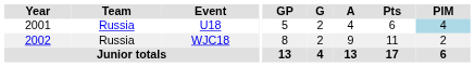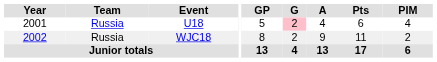 <table border="0" cellpadding="1" cellspacing="0" ID="Table3" style="text-align:center; width:40em">
 <tr ALIGN="center" bgcolor="#e0e0e0">
 <th>Year</th>
 <th>Team</th>
 <th>Event</th>
 <th rowspan="99" bgcolor="#ffffff"></th>
 <th>GP</th>
 <th>G</th>
 <th>A</th>
 <th>Pts</th>
 <th>PIM</th>
 </tr>
 <tr>
 <td>2001</td>
 <td><a href='#'>Russia</a></td>
 <td><a href='#'>U18</a></td>
 <td>5</td>
-<td>2</td>
+<td style="background: pink;">2</td>
 <td>4</td>
 <td>6</td>
-<td style="background: lightblue;">4</td>
+<td>4</td>
 </tr>
 <tr bgcolor="#f0f0f0">
 <td><a href='#'>2002</a></td>
 <td>Russia</td>
 <td><a href='#'>WJC18</a></td>
 <td>8</td>
 <td>2</td>
 <td>9</td>
 <td>11</td>
 <td>2</td>
 </tr>
 <tr bgcolor="#e0e0e0">
 <th colspan="3">Junior totals</th>
 <th>13</th>
 <th>4</th>
 <th>13</th>
 <th>17</th>
 <th>6</th>
 </tr>
 </table>
